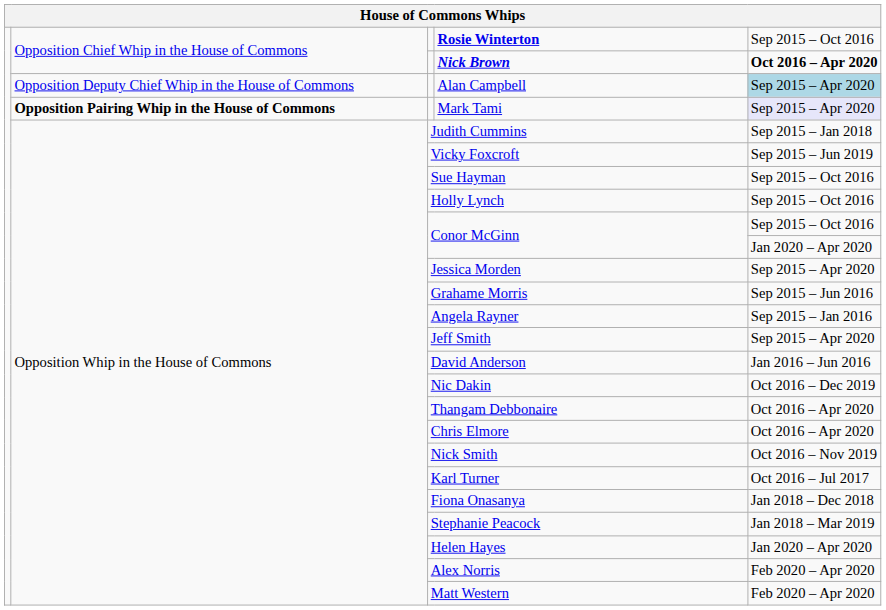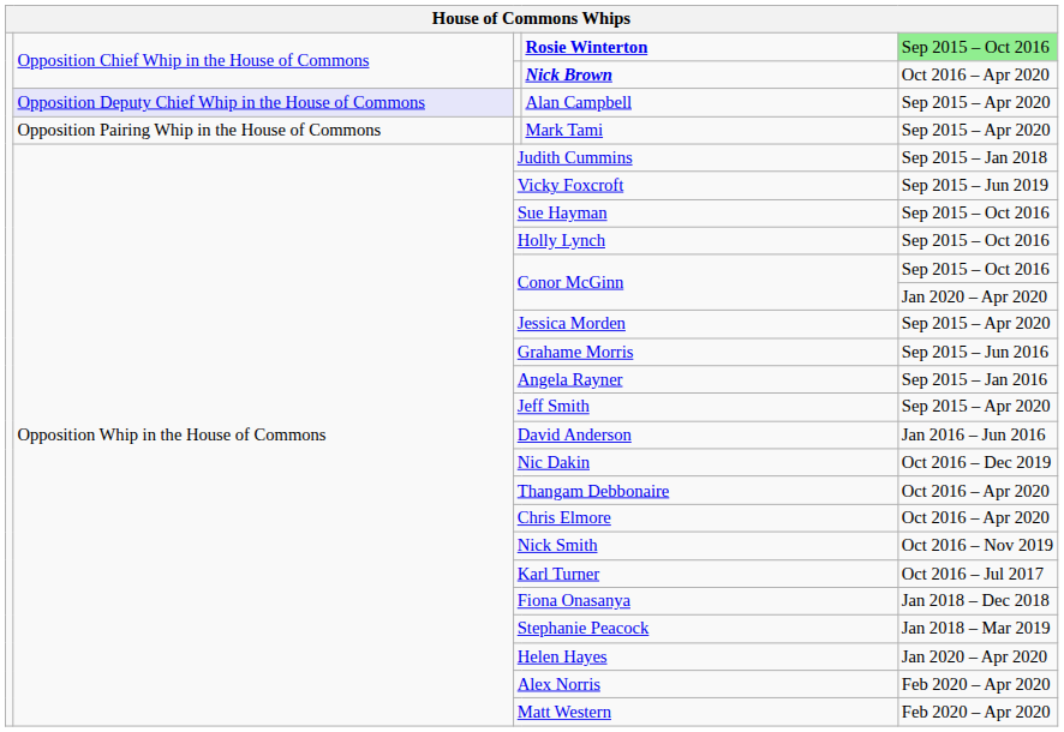 <table class="wikitable">
 <tr>
 <th colspan="5">House of Commons Whips</th>
 </tr>
 <tr>
 <td rowspan="25" style="background: "></td>
 <td rowspan="2" style="width: 450px;"><a href='#'>Opposition Chief Whip in the House of Commons</a></td>
 <td style="background: "></td>
 <td style="width: 337px;"><strong><a href='#'>Rosie Winterton</a></strong></td>
-<td>Sep 2015 – Oct 2016</td>
+<td style="background: lightgreen;">Sep 2015 – Oct 2016</td>
 </tr>
 <tr>
 <td style="background: "></td>
 <td><strong><em><a href='#'>Nick Brown</a></em></strong></td>
-<td><strong>Oct 2016 – Apr 2020</strong></td>
+<td>Oct 2016 – Apr 2020</td>
 </tr>
 <tr>
-<td><a href='#'>Opposition Deputy Chief Whip in the House of Commons</a></td>
+<td style="background: lavender;"><a href='#'>Opposition Deputy Chief Whip in the House of Commons</a></td>
 <td style="background: "></td>
 <td><a href='#'>Alan Campbell</a></td>
-<td style="background: lightblue;">Sep 2015 – Apr 2020</td>
+<td>Sep 2015 – Apr 2020</td>
 </tr>
 <tr>
-<td><strong>Opposition Pairing Whip in the House of Commons</strong></td>
+<td>Opposition Pairing Whip in the House of Commons</td>
 <td style="background: "></td>
 <td><a href='#'>Mark Tami</a></td>
-<td style="background: lavender;">Sep 2015 – Apr 2020</td>
+<td>Sep 2015 – Apr 2020</td>
 </tr>
 <tr>
 <td rowspan="21">Opposition Whip in the House of Commons</td>
 <td colspan="2"><a href='#'>Judith Cummins</a></td>
 <td>Sep 2015 – Jan 2018</td>
 </tr>
 <tr>
 <td colspan="2"><a href='#'>Vicky Foxcroft</a></td>
 <td>Sep 2015 – Jun 2019</td>
 </tr>
 <tr>
 <td colspan="2"><a href='#'>Sue Hayman</a></td>
 <td>Sep 2015 – Oct 2016</td>
 </tr>
 <tr>
 <td colspan="2"><a href='#'>Holly Lynch</a></td>
 <td>Sep 2015 – Oct 2016</td>
 </tr>
 <tr>
 <td colspan="2" rowspan="2"><a href='#'>Conor McGinn</a></td>
 <td>Sep 2015 – Oct 2016</td>
 </tr>
 <tr>
 <td>Jan 2020 – Apr 2020</td>
 </tr>
 <tr>
 <td colspan="2"><a href='#'>Jessica Morden</a></td>
 <td>Sep 2015 – Apr 2020</td>
 </tr>
 <tr>
 <td colspan="2"><a href='#'>Grahame Morris</a></td>
 <td>Sep 2015 – Jun 2016</td>
 </tr>
 <tr>
 <td colspan="2"><a href='#'>Angela Rayner</a></td>
 <td>Sep 2015 – Jan 2016</td>
 </tr>
 <tr>
 <td colspan="2"><a href='#'>Jeff Smith</a></td>
 <td>Sep 2015 – Apr 2020</td>
 </tr>
 <tr>
 <td colspan="2"><a href='#'>David Anderson</a></td>
 <td>Jan 2016 – Jun 2016</td>
 </tr>
 <tr>
 <td colspan="2"><a href='#'>Nic Dakin</a></td>
 <td>Oct 2016 – Dec 2019</td>
 </tr>
 <tr>
 <td colspan="2"><a href='#'>Thangam Debbonaire</a></td>
 <td>Oct 2016 – Apr 2020</td>
 </tr>
 <tr>
 <td colspan="2"><a href='#'>Chris Elmore</a></td>
 <td>Oct 2016 – Apr 2020</td>
 </tr>
 <tr>
 <td colspan="2"><a href='#'>Nick Smith</a></td>
 <td>Oct 2016 – Nov 2019</td>
 </tr>
 <tr>
 <td colspan="2"><a href='#'>Karl Turner</a></td>
 <td>Oct 2016 – Jul 2017</td>
 </tr>
 <tr>
 <td colspan="2"><a href='#'>Fiona Onasanya</a></td>
 <td>Jan 2018 – Dec 2018</td>
 </tr>
 <tr>
 <td colspan="2"><a href='#'>Stephanie Peacock</a></td>
 <td>Jan 2018 – Mar 2019</td>
 </tr>
 <tr>
 <td colspan="2"><a href='#'>Helen Hayes</a></td>
 <td>Jan 2020 – Apr 2020</td>
 </tr>
 <tr>
 <td colspan="2"><a href='#'>Alex Norris</a></td>
 <td>Feb 2020 – Apr 2020</td>
 </tr>
 <tr>
 <td colspan="2"><a href='#'>Matt Western</a></td>
 <td>Feb 2020 – Apr 2020</td>
 </tr>
 </table>
